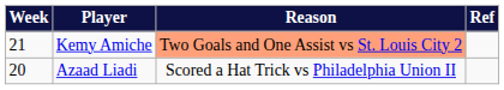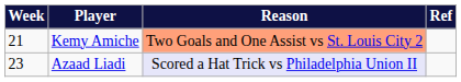 <table class=wikitable>
 <tr>
 <th style="background:#0E1145; color:#FFFFFF;">Week</th>
 <th style="background:#0E1145; color:#FFFFFF;">Player</th>
 <th style="background:#0E1145; color:#FFFFFF;">Reason</th>
 <th style="background:#0E1145; color:#FFFFFF;">Ref</th>
 </tr>
 <tr>
 <td>21</td>
 <td>  <a href='#'>Kemy Amiche</a></td>
 <td align=center style="background: lightsalmon;">Two Goals and One Assist vs <a href='#'>St. Louis City 2</a></td>
 <td align=center></td>
 </tr>
 <tr>
-<td>20</td>
+<td>23</td>
 <td> <a href='#'>Azaad Liadi</a></td>
-<td align=center>Scored a Hat Trick vs <a href='#'>Philadelphia Union II</a></td>
+<td align=center style="background: lavender;">Scored a Hat Trick vs <a href='#'>Philadelphia Union II</a></td>
 <td align=center></td>
 </tr>
 </table>
